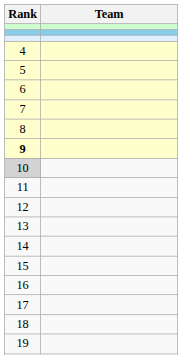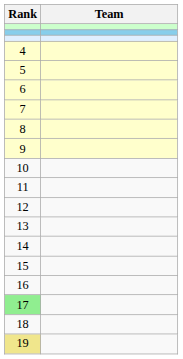 <table class="wikitable" style="text-align: center;">
 <tr>
 <th width=40>Rank</th>
 <th width=170>Team</th>
 </tr>
 <tr bgcolor=#CCFFCC>
 <td></td>
 <td align="left"></td>
 </tr>
 <tr bgcolor=#87ceeb>
 <td></td>
 <td align="left"></td>
 </tr>
 <tr bgcolor=#dfefff>
 <td></td>
 <td align="left"></td>
 </tr>
 <tr bgcolor=#ffffcc>
 <td>4</td>
 <td align="left"></td>
 </tr>
 <tr bgcolor=#ffffcc>
 <td>5</td>
 <td align="left"></td>
 </tr>
 <tr bgcolor=#ffffcc>
 <td>6</td>
 <td align="left"></td>
 </tr>
 <tr bgcolor=#ffffcc>
 <td>7</td>
 <td align="left"></td>
 </tr>
 <tr bgcolor=#ffffcc>
 <td>8</td>
 <td align="left"></td>
 </tr>
 <tr bgcolor=#ffffcc>
-<td><strong>9</strong></td>
+<td>9</td>
 <td align="left"></td>
 </tr>
 <tr>
-<td style="background: lightgrey;">10</td>
+<td>10</td>
 <td align="left"></td>
 </tr>
 <tr>
 <td>11</td>
 <td align="left"></td>
 </tr>
 <tr>
 <td>12</td>
 <td align="left"></td>
 </tr>
 <tr>
 <td>13</td>
 <td align="left"></td>
 </tr>
 <tr>
 <td>14</td>
 <td align="left"></td>
 </tr>
 <tr>
 <td>15</td>
 <td align="left"></td>
 </tr>
 <tr>
 <td>16</td>
 <td align="left"></td>
 </tr>
 <tr>
-<td>17</td>
+<td style="background: lightgreen;">17</td>
 <td align="left"></td>
 </tr>
 <tr>
 <td>18</td>
 <td align="left"></td>
 </tr>
 <tr>
-<td>19</td>
+<td style="background: khaki;">19</td>
 <td align="left"></td>
 </tr>
 </table>
